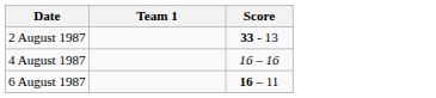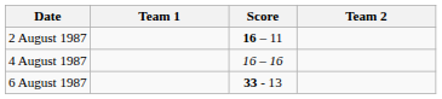 <table class="wikitable" style="font-size:95%">
 <tr>
 <th>Date</th>
 <th width=150px>Team 1</th>
 <th width=70px>Score</th>
+<th width=150px>Team 2</th>
 </tr>
 <tr>
 <td>2 August 1987</td>
 <td align=right></td>
-<td align=center><strong>33</strong> - 13</td>
+<td align=center><strong>16</strong> – 11</td>
+<td></td>
 </tr>
 <tr>
 <td>4 August 1987</td>
 <td align=right></td>
 <td align=center><em>16 – 16</em></td>
+<td></td>
 </tr>
 <tr>
 <td>6 August 1987</td>
 <td align=right></td>
-<td align=center><strong>16</strong> – 11</td>
+<td align=center><strong>33</strong> - 13</td>
+<td></td>
 </tr>
 </table>
